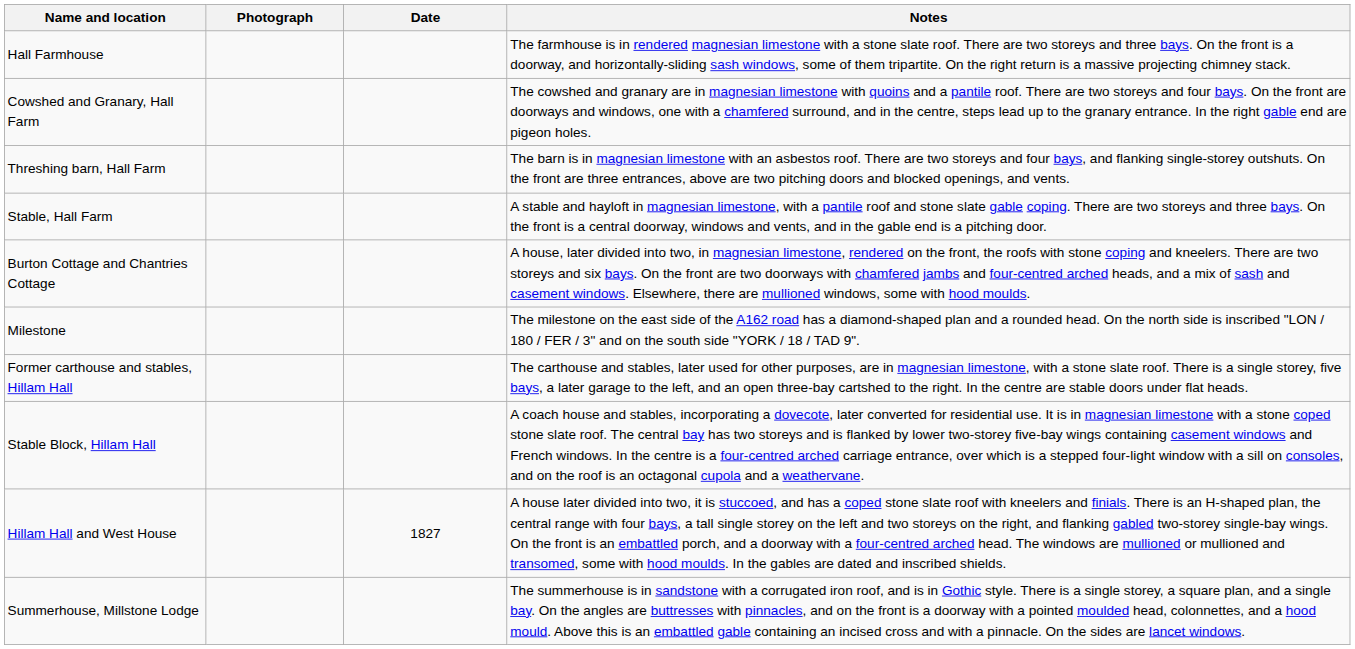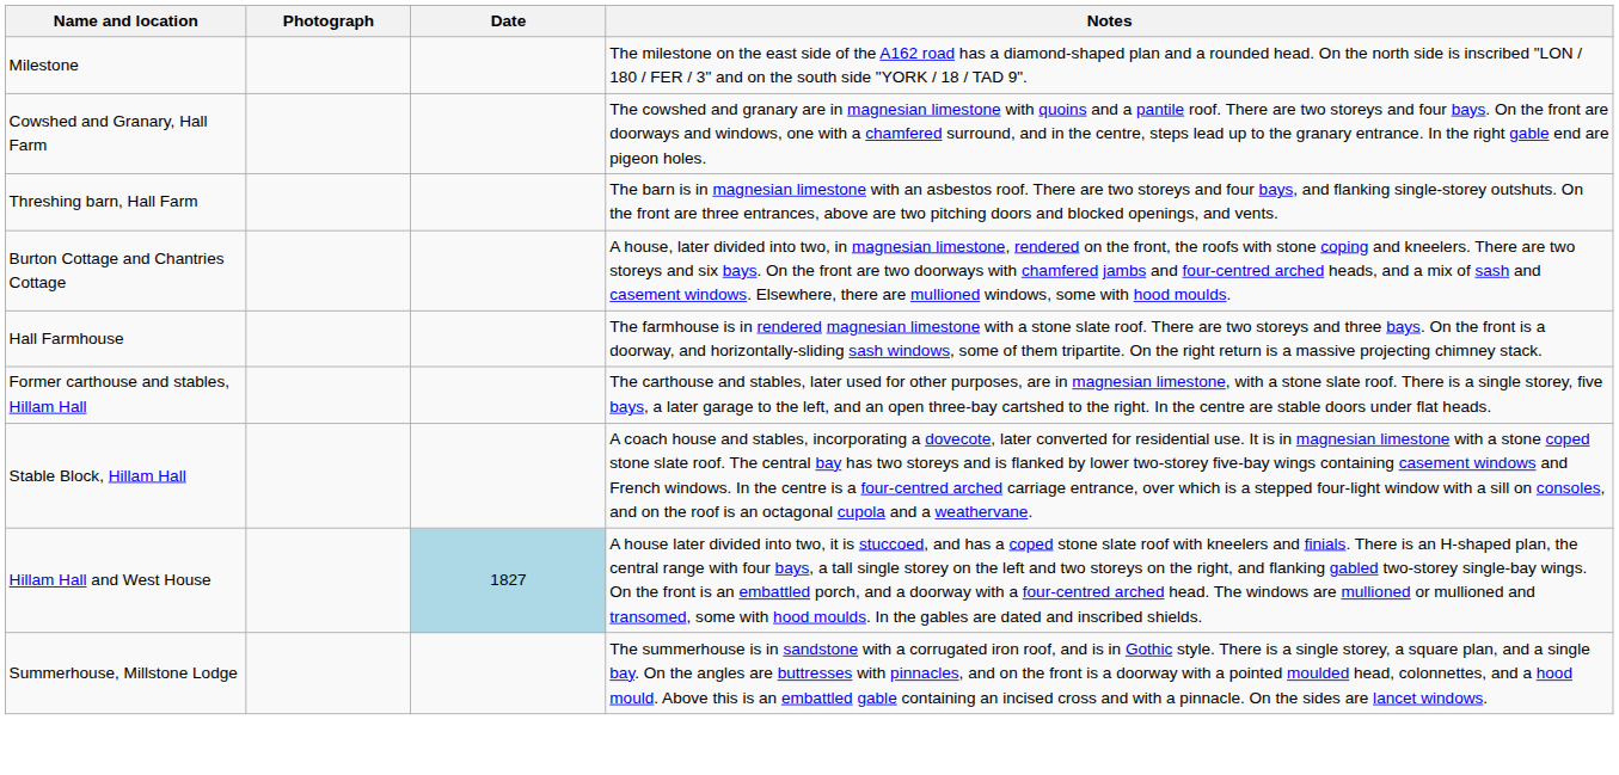 <table class="wikitable sortable plainrowheaders" style="width:100%;border:0px;text-align:left;line-height:150%;">
 <tr>
 <th scope="col"  style="width:150px">Name and location</th>
 <th scope="col"  style="width:100px" class="unsortable">Photograph</th>
 <th scope="col"  style="width:120px">Date</th>
 <th scope="col"  style="width:650px" class="unsortable">Notes</th>
 </tr>
 <tr>
-<td>Hall Farmhouse<br><small></small></td>
+<td>Milestone<br><small></small></td>
 <td></td>
 <td align="center"></td>
-<td>The farmhouse is in <a href='#'>rendered</a> <a href='#'>magnesian limestone</a> with a stone slate roof. There are two storeys and three <a href='#'>bays</a>. On the front is a doorway, and horizontally-sliding <a href='#'>sash windows</a>, some of them tripartite. On the right return is a massive projecting chimney stack.</td>
+<td>The milestone on the east side of the <a href='#'>A162 road</a> has a diamond-shaped plan and a rounded head.  On the north side is inscribed "LON / 180 / FER / 3" and on the south side "YORK / 18 / TAD 9".</td>
 </tr>
 <tr>
 <td>Cowshed and Granary, Hall Farm<br><small></small></td>
 <td></td>
 <td align="center"></td>
 <td>The cowshed and granary are in <a href='#'>magnesian limestone</a> with <a href='#'>quoins</a> and a <a href='#'>pantile</a> roof. There are two storeys and four <a href='#'>bays</a>. On the front are doorways and windows, one with a <a href='#'>chamfered</a> surround, and in the centre, steps lead up to the granary entrance. In the right <a href='#'>gable</a> end are pigeon holes.</td>
 </tr>
 <tr>
 <td>Threshing barn, Hall Farm<br><small></small></td>
 <td></td>
 <td align="center"></td>
 <td>The barn is in <a href='#'>magnesian limestone</a> with an asbestos roof. There are two storeys and four <a href='#'>bays</a>, and flanking single-storey outshuts. On the front are three entrances, above are two pitching doors and blocked openings, and vents.</td>
 </tr>
 <tr>
-<td>Stable, Hall Farm<br><small></small></td>
-<td></td>
-<td align="center"></td>
-<td>A stable and hayloft in <a href='#'>magnesian limestone</a>, with a <a href='#'>pantile</a> roof and stone slate <a href='#'>gable</a> <a href='#'>coping</a>. There are two storeys and three <a href='#'>bays</a>. On the front is a central doorway, windows and vents, and in the gable end is a pitching door.</td>
-</tr>
-<tr>
 <td>Burton Cottage and Chantries Cottage<br><small></small></td>
 <td></td>
 <td align="center"></td>
 <td>A house, later divided into two, in <a href='#'>magnesian limestone</a>, <a href='#'>rendered</a> on the front, the roofs with stone <a href='#'>coping</a> and kneelers. There are two storeys and six <a href='#'>bays</a>. On the front are two doorways with <a href='#'>chamfered</a> <a href='#'>jambs</a> and <a href='#'>four-centred arched</a> heads, and a mix of <a href='#'>sash</a> and <a href='#'>casement windows</a>. Elsewhere, there are <a href='#'>mullioned</a> windows, some with <a href='#'>hood moulds</a>.</td>
 </tr>
 <tr>
-<td>Milestone<br><small></small></td>
+<td>Hall Farmhouse<br><small></small></td>
 <td></td>
 <td align="center"></td>
-<td>The milestone on the east side of the <a href='#'>A162 road</a> has a diamond-shaped plan and a rounded head.  On the north side is inscribed "LON / 180 / FER / 3" and on the south side "YORK / 18 / TAD 9".</td>
+<td>The farmhouse is in <a href='#'>rendered</a> <a href='#'>magnesian limestone</a> with a stone slate roof. There are two storeys and three <a href='#'>bays</a>. On the front is a doorway, and horizontally-sliding <a href='#'>sash windows</a>, some of them tripartite. On the right return is a massive projecting chimney stack.</td>
 </tr>
 <tr>
 <td>Former carthouse and stables,<br><a href='#'>Hillam Hall</a><br><small></small></td>
 <td></td>
 <td align="center"></td>
 <td>The carthouse and stables, later used for other purposes, are in <a href='#'>magnesian limestone</a>, with a stone slate roof. There is a single storey, five <a href='#'>bays</a>, a later garage to the left, and an open three-bay cartshed to the right. In the centre are stable doors under flat heads.</td>
 </tr>
 <tr>
 <td>Stable Block, <a href='#'>Hillam Hall</a><br><small></small></td>
 <td></td>
 <td align="center"></td>
 <td>A coach house and stables, incorporating a <a href='#'>dovecote</a>, later converted for residential use. It is in <a href='#'>magnesian limestone</a> with a stone <a href='#'>coped</a> stone slate roof. The central <a href='#'>bay</a> has two storeys and is flanked by lower two-storey five-bay wings containing <a href='#'>casement windows</a> and French windows. In the centre is a <a href='#'>four-centred arched</a> carriage entrance, over which is a stepped four-light window with a sill on <a href='#'>consoles</a>, and on the roof is an octagonal <a href='#'>cupola</a> and a <a href='#'>weathervane</a>.</td>
 </tr>
 <tr>
 <td><a href='#'>Hillam Hall</a> and West House<br><small></small></td>
 <td></td>
-<td align="center">1827</td>
+<td align="center" style="background: lightblue;">1827</td>
 <td>A house later divided into two, it is <a href='#'>stuccoed</a>, and has a <a href='#'>coped</a> stone slate roof with kneelers and <a href='#'>finials</a>. There is an H-shaped plan, the central range with four <a href='#'>bays</a>, a tall single storey on the left and two storeys on the right, and flanking <a href='#'>gabled</a> two-storey single-bay wings. On the front is an <a href='#'>embattled</a> porch, and a doorway with a <a href='#'>four-centred arched</a> head. The windows are <a href='#'>mullioned</a> or mullioned and <a href='#'>transomed</a>, some with <a href='#'>hood moulds</a>. In the gables are dated and inscribed shields.</td>
 </tr>
 <tr>
 <td>Summerhouse, Millstone Lodge<br><small></small></td>
 <td></td>
 <td align="center"></td>
 <td>The summerhouse is in <a href='#'>sandstone</a> with a corrugated iron roof, and is in <a href='#'>Gothic</a> style. There is a single storey, a square plan, and a single <a href='#'>bay</a>. On the angles are <a href='#'>buttresses</a> with <a href='#'>pinnacles</a>, and on the front is a doorway with a pointed <a href='#'>moulded</a> head, colonnettes, and a <a href='#'>hood mould</a>. Above this is an <a href='#'>embattled</a> <a href='#'>gable</a> containing an incised cross and with a pinnacle. On the sides are <a href='#'>lancet windows</a>.</td>
 </tr>
 <tr>
 </tr>
 </table>
